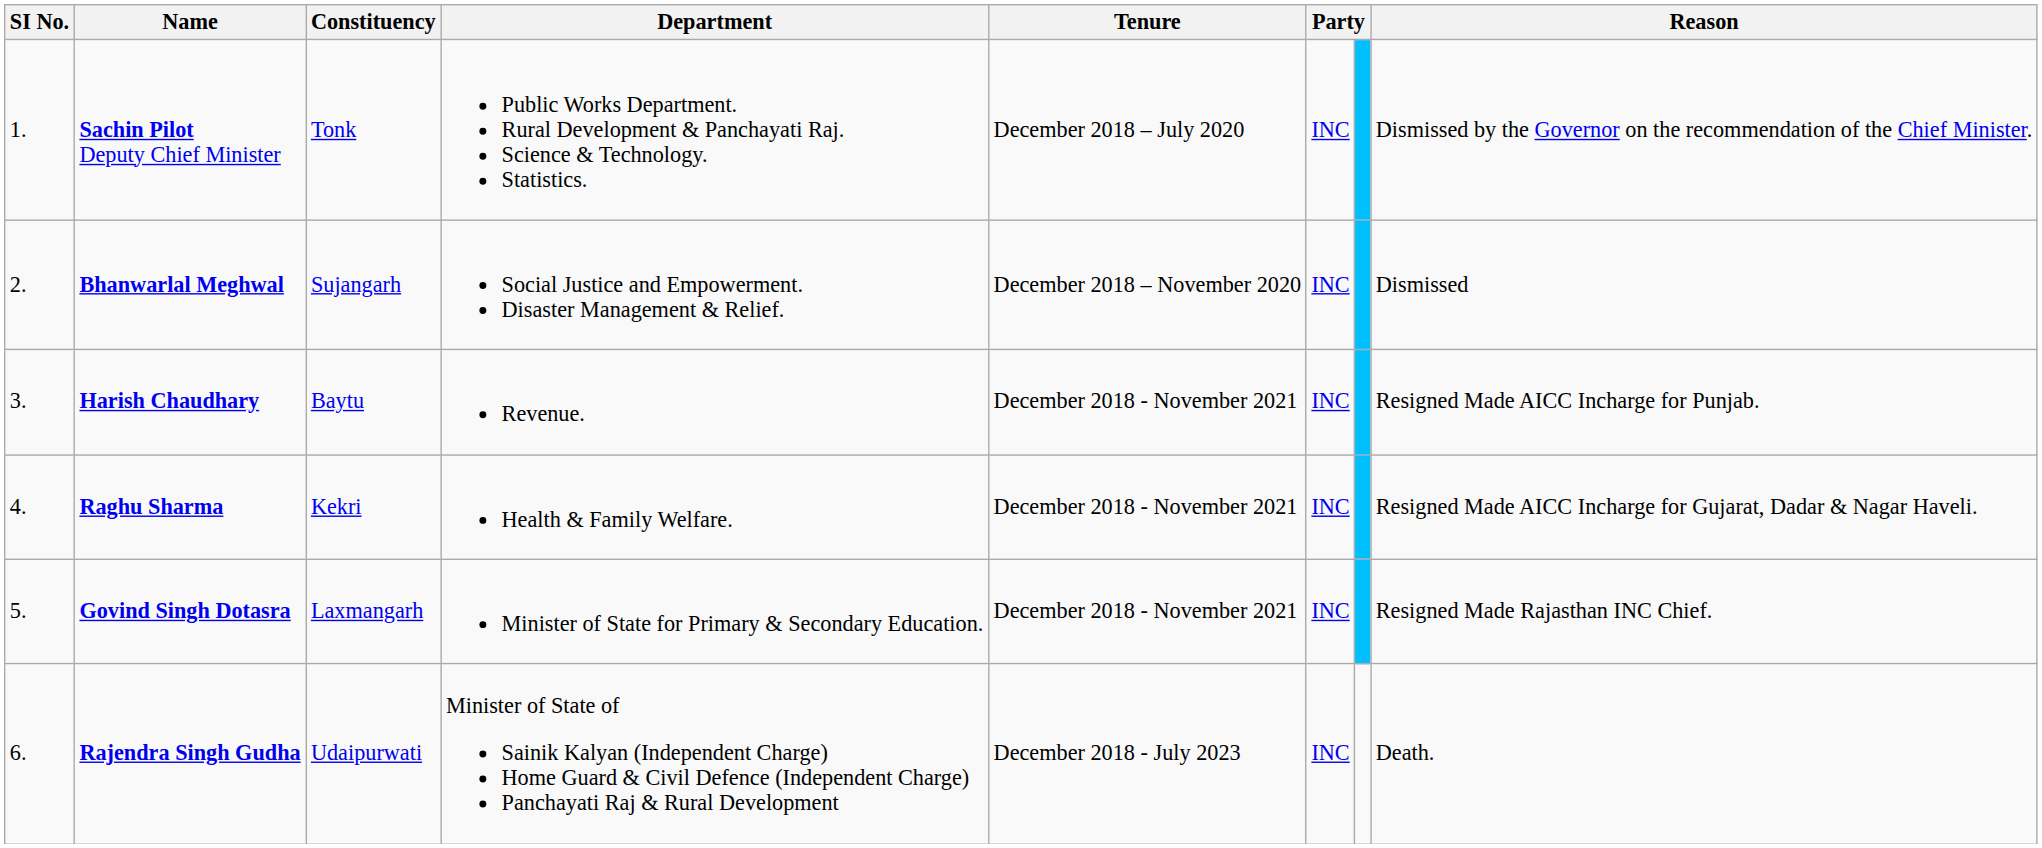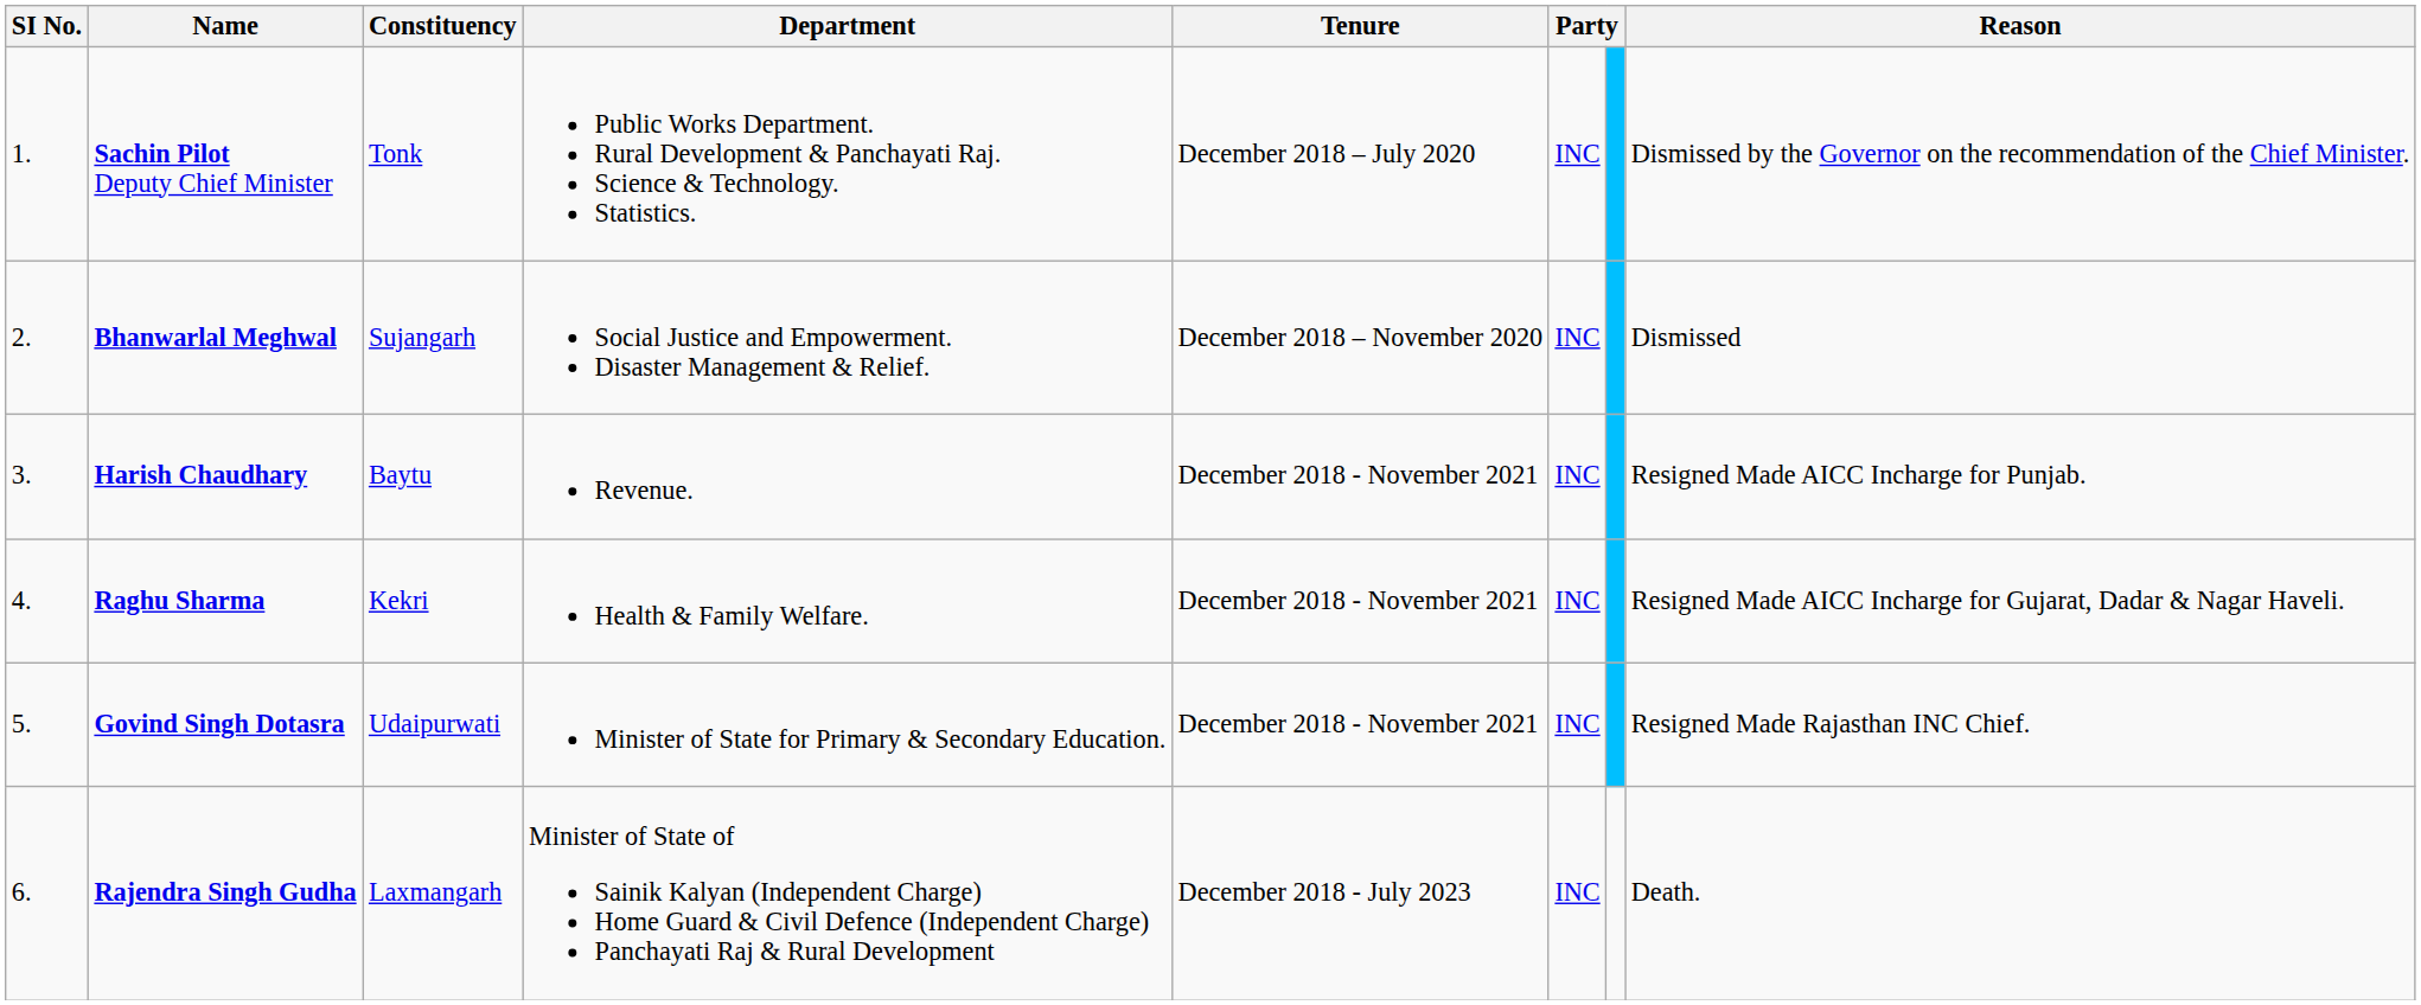 <table class = "wikitable">
 <tr>
 <th>SI No.</th>
 <th>Name</th>
 <th>Constituency</th>
 <th>Department</th>
 <th>Tenure</th>
 <th colspan="2" scope="col">Party</th>
 <th>Reason</th>
 </tr>
 <tr>
 <td>1.</td>
 <td>  <br><strong><a href='#'>Sachin Pilot</a></strong><br><a href='#'>Deputy Chief Minister</a></td>
 <td><a href='#'>Tonk</a></td>
 <td><br><ul><li>Public Works Department.</li><li>Rural Development & Panchayati Raj.</li><li>Science & Technology.</li><li>Statistics.</li></ul></td>
 <td>December 2018 – July 2020</td>
 <td><a href='#'>INC</a></td>
 <td bgcolor=00BFFF></td>
 <td>Dismissed by the <a href='#'>Governor</a> on the recommendation of the <a href='#'>Chief Minister</a>.</td>
 </tr>
 <tr>
 <td>2.</td>
 <td><strong><a href='#'>Bhanwarlal Meghwal</a></strong></td>
 <td><a href='#'>Sujangarh</a></td>
 <td><br><ul><li>Social Justice and Empowerment.</li><li>Disaster Management & Relief.</li></ul></td>
 <td>December 2018 – November 2020</td>
 <td><a href='#'>INC</a></td>
 <td bgcolor=00BFFF></td>
 <td>Dismissed</td>
 </tr>
 <tr>
 <td>3.</td>
 <td><strong><a href='#'>Harish Chaudhary</a></strong></td>
 <td><a href='#'>Baytu</a></td>
 <td><br><ul><li>Revenue.</li></ul></td>
 <td>December 2018 - November 2021</td>
 <td><a href='#'>INC</a></td>
 <td bgcolor=00BFFF></td>
 <td>Resigned Made AICC Incharge for Punjab.</td>
 </tr>
 <tr>
 <td>4.</td>
 <td><strong>  <a href='#'>Raghu Sharma</a>  </strong></td>
 <td><a href='#'>Kekri</a></td>
 <td><br><ul><li>Health & Family Welfare.</li></ul></td>
 <td>December 2018 - November 2021</td>
 <td><a href='#'>INC</a></td>
 <td bgcolor=00BFFF></td>
 <td>Resigned Made AICC Incharge for Gujarat, Dadar & Nagar Haveli.</td>
 </tr>
 <tr>
 <td>5.</td>
 <td><strong><a href='#'>Govind Singh Dotasra</a></strong></td>
-<td><a href='#'>Laxmangarh</a></td>
+<td><a href='#'>Udaipurwati</a></td>
 <td><br><ul><li>Minister of State for Primary & Secondary Education.</li></ul></td>
 <td>December 2018 - November 2021</td>
 <td><a href='#'>INC</a></td>
 <td bgcolor=00BFFF></td>
 <td>Resigned Made Rajasthan INC Chief.</td>
 </tr>
 <tr>
 <td>6.</td>
 <td><strong><a href='#'>Rajendra Singh Gudha</a></strong></td>
-<td><a href='#'>Udaipurwati</a></td>
+<td><a href='#'>Laxmangarh</a></td>
 <td><br>Minister of State of<ul><li>Sainik Kalyan (Independent Charge)</li><li>Home Guard & Civil Defence (Independent Charge)</li><li>Panchayati Raj & Rural Development</li></ul></td>
 <td>December 2018 - July 2023</td>
 <td><a href='#'>INC</a></td>
 <td width="4px" style="background-color: "></td>
 <td>Death.</td>
 </tr>
 </table>
